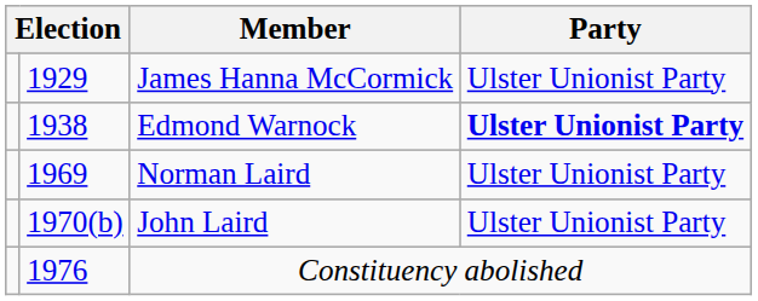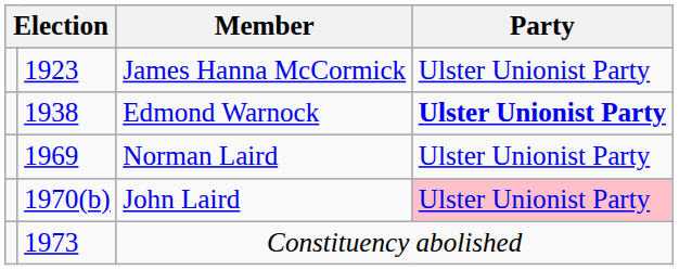 <table class="wikitable">
 <tr>
 <th colspan="2">Election</th>
 <th>Member</th>
 <th>Party</th>
 </tr>
 <tr>
 <td rowspan="1" style="background-color: "></td>
-<td><a href='#'>1929</a></td>
+<td><a href='#'>1923</a></td>
 <td rowspan="1"><a href='#'>James Hanna McCormick</a></td>
 <td rowspan="1"><a href='#'>Ulster Unionist Party</a></td>
 </tr>
 <tr>
 <td rowspan="1" style="background-color: "></td>
 <td><a href='#'>1938</a></td>
 <td rowspan="1"><a href='#'>Edmond Warnock</a></td>
 <td rowspan="1"><strong><a href='#'>Ulster Unionist Party</a></strong></td>
 </tr>
 <tr>
 <td rowspan="1" style="background-color: "></td>
 <td><a href='#'>1969</a></td>
 <td rowspan="1"><a href='#'>Norman Laird</a></td>
 <td rowspan="1"><a href='#'>Ulster Unionist Party</a></td>
 </tr>
 <tr>
 <td rowspan="1" style="background-color: "></td>
 <td><a href='#'>1970(b)</a></td>
 <td rowspan="1"><a href='#'>John Laird</a></td>
-<td rowspan="1"><a href='#'>Ulster Unionist Party</a></td>
+<td rowspan="1" style="background: pink;"><a href='#'>Ulster Unionist Party</a></td>
 </tr>
 <tr>
 <td></td>
-<td><a href='#'>1976</a></td>
+<td><a href='#'>1973</a></td>
 <td colspan="3" align=center><em>Constituency abolished</em></td>
 </tr>
 </table>
